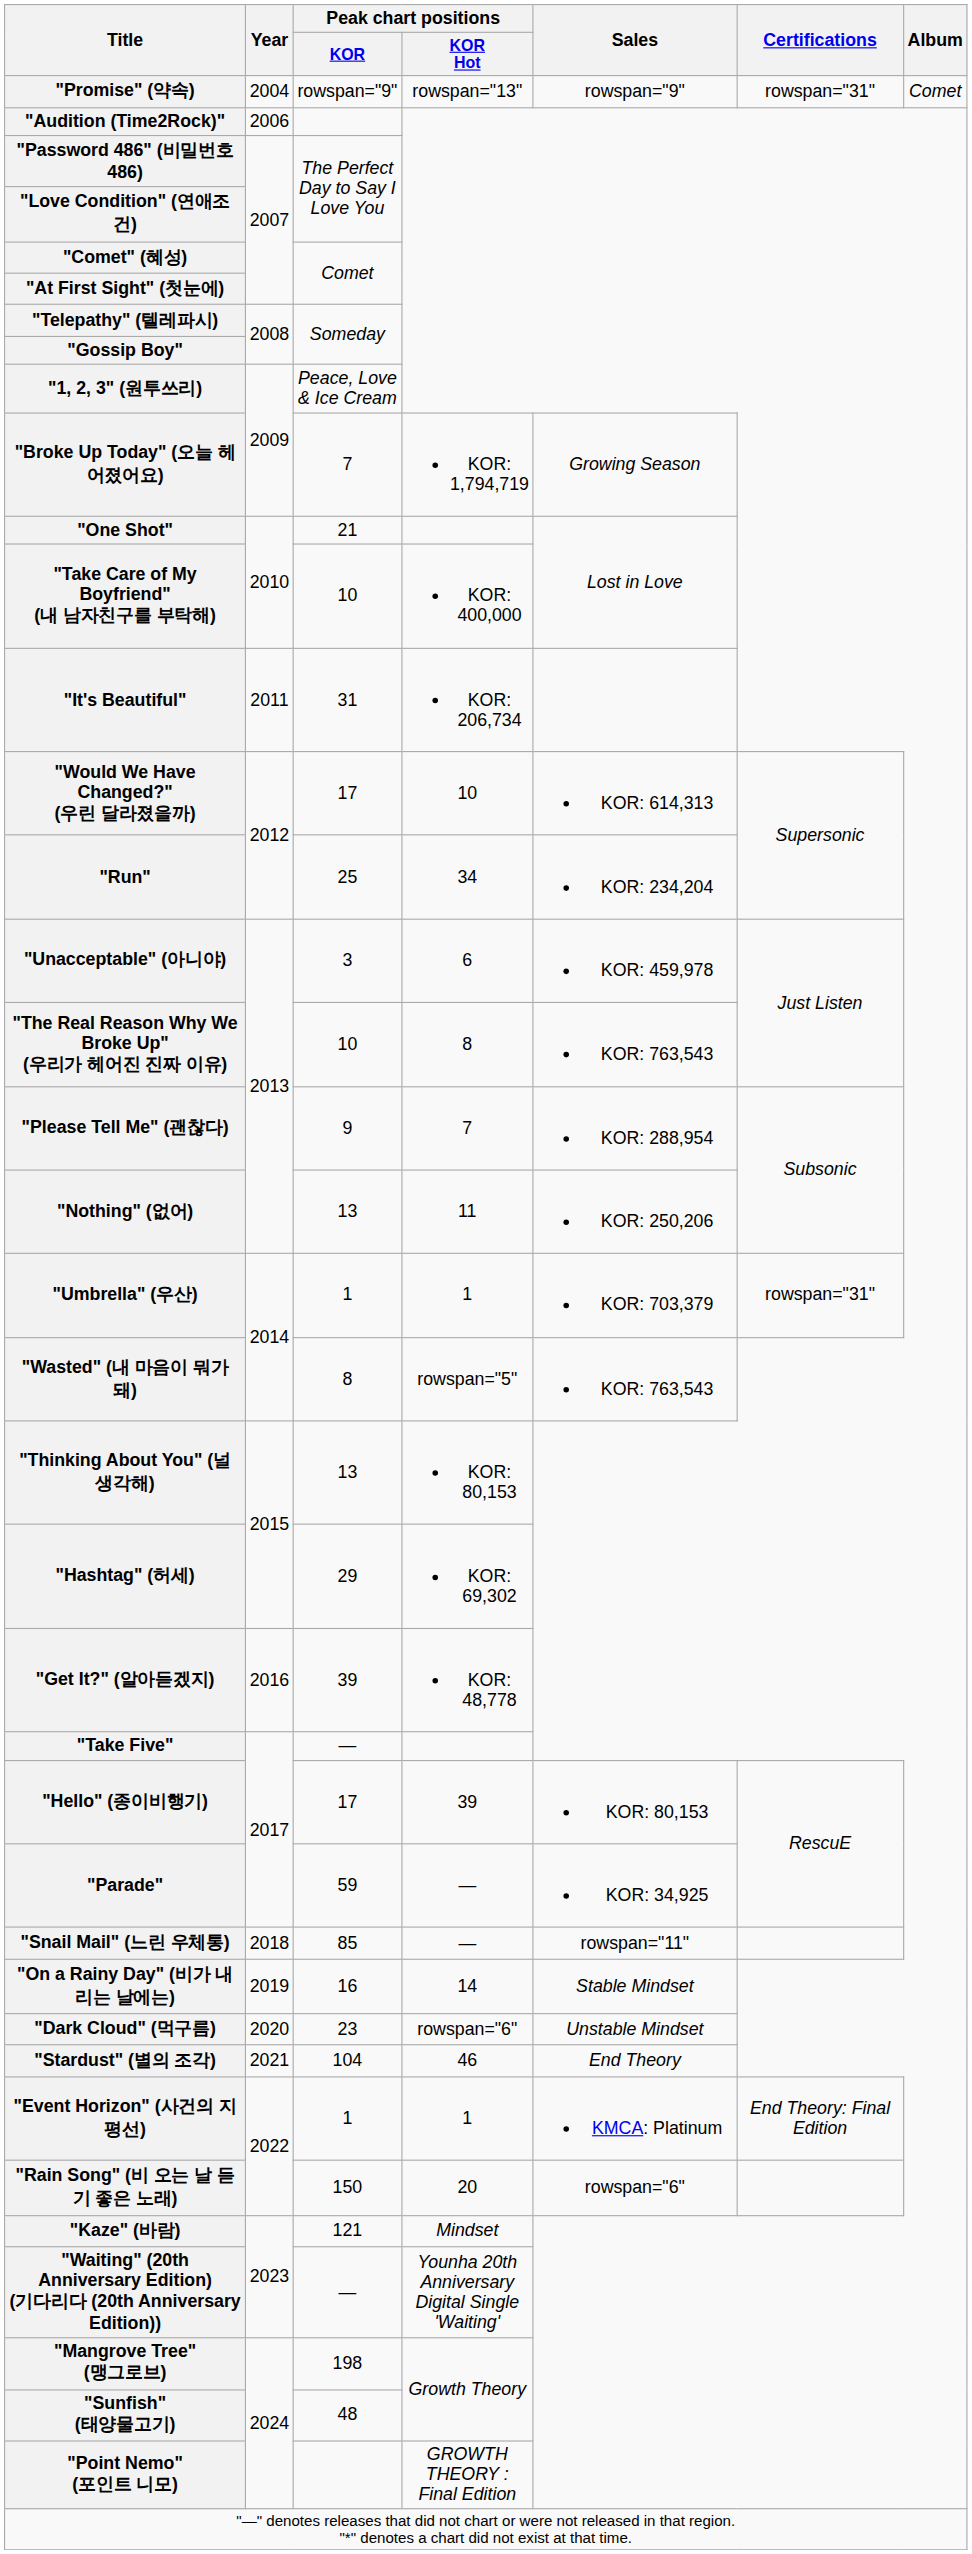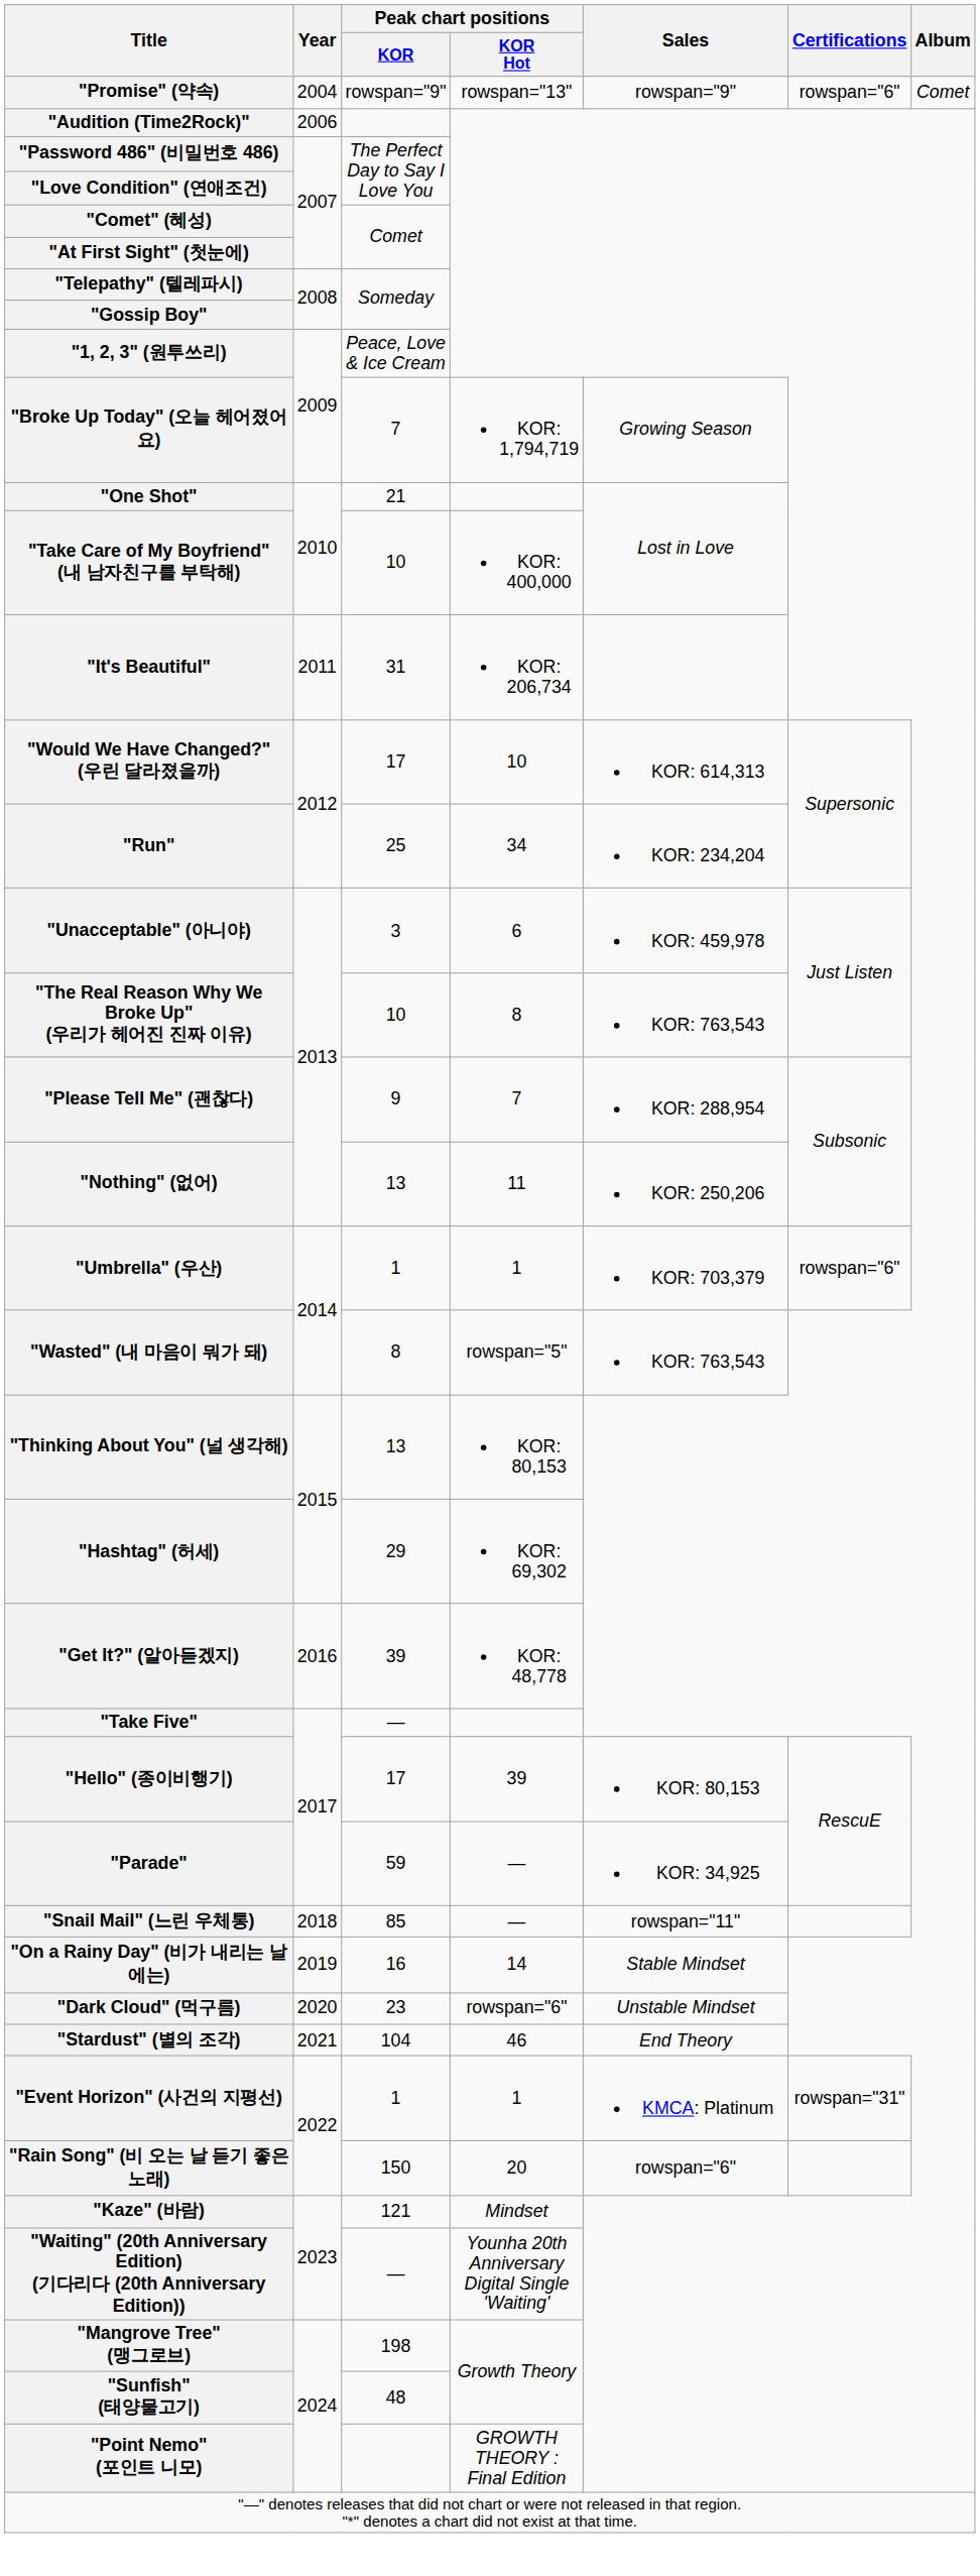 <table class="wikitable plainrowheaders" style="text-align:center;">
 <tr>
 <th scope="col" rowspan="2">Title</th>
 <th scope="col" rowspan="2">Year</th>
 <th scope="col" colspan="2">Peak chart positions</th>
 <th scope="col" rowspan="2" style="width:11em;">Sales</th>
 <th scope="col" rowspan="2"><a href='#'>Certifications</a><br></th>
 <th scope="col" rowspan="2">Album</th>
 </tr>
 <tr>
 <th scope="col" style="width:3em;font-size:90%;"><a href='#'>KOR</a><br></th>
 <th scope="col" style="width:3em;font-size:90%;"><a href='#'>KOR<br>Hot</a><br></th>
 </tr>
 <tr>
 <th scope="row">"Promise" (약속)</th>
 <td>2004</td>
 <td>rowspan="9" </td>
 <td>rowspan="13" </td>
 <td>rowspan="9" </td>
-<td>rowspan="31" </td>
+<td>rowspan="6" </td>
 <td><em>Comet</em></td>
 </tr>
 <tr>
 <th scope="row">"Audition (Time2Rock)"</th>
 <td>2006</td>
 <td></td>
 </tr>
 <tr>
 <th scope="row">"Password 486" (비밀번호 486)</th>
 <td rowspan="4">2007</td>
 <td rowspan="2"><em>The Perfect Day to Say I Love You</em></td>
 </tr>
 <tr>
 <th scope="row">"Love Condition" (연애조건)</th>
 </tr>
 <tr>
 <th scope="row">"Comet" (혜성)</th>
 <td rowspan="2"><em>Comet</em></td>
 </tr>
 <tr>
 <th scope="row">"At First Sight" (첫눈에)</th>
 </tr>
 <tr>
 <th scope="row">"Telepathy" (텔레파시)</th>
 <td rowspan="2">2008</td>
 <td rowspan="2"><em>Someday</em></td>
 </tr>
 <tr>
 <th scope="row">"Gossip Boy"</th>
 </tr>
 <tr>
 <th scope="row">"1, 2, 3" (원투쓰리)</th>
 <td rowspan="2">2009</td>
 <td><em>Peace, Love & Ice Cream</em></td>
 </tr>
 <tr>
 <th scope="row">"Broke Up Today" (오늘 헤어졌어요)</th>
 <td>7</td>
 <td><br><ul><li>KOR: 1,794,719</li></ul></td>
 <td><em>Growing Season</em></td>
 </tr>
 <tr>
 <th scope="row">"One Shot" </th>
 <td rowspan="2">2010</td>
 <td>21</td>
 <td></td>
 <td rowspan="2"><em>Lost in Love</em></td>
 </tr>
 <tr>
 <th scope="row">"Take Care of My Boyfriend" <br> (내 남자친구를 부탁해)</th>
 <td>10</td>
 <td><br><ul><li>KOR: 400,000</li></ul></td>
 </tr>
 <tr>
 <th scope="row">"It's Beautiful"</th>
 <td>2011</td>
 <td>31</td>
 <td><br><ul><li>KOR: 206,734</li></ul></td>
 <td></td>
 </tr>
 <tr>
 <th scope="row">"Would We Have Changed?" <br> (우린 달라졌을까) </th>
 <td rowspan="2">2012</td>
 <td>17</td>
 <td>10</td>
 <td><br><ul><li>KOR: 614,313</li></ul></td>
 <td rowspan="2"><em>Supersonic</em></td>
 </tr>
 <tr>
 <th scope="row">"Run"</th>
 <td>25</td>
 <td>34</td>
 <td><br><ul><li>KOR: 234,204</li></ul></td>
 </tr>
 <tr>
 <th scope="row">"Unacceptable" (아니야)</th>
 <td rowspan="4">2013</td>
 <td>3</td>
 <td>6</td>
 <td><br><ul><li>KOR: 459,978</li></ul></td>
 <td rowspan="2"><em>Just Listen</em></td>
 </tr>
 <tr>
 <th scope="row">"The Real Reason Why We Broke Up" <br> (우리가 헤어진 진짜 이유)</th>
 <td>10</td>
 <td>8</td>
 <td><br><ul><li>KOR: 763,543</li></ul></td>
 </tr>
 <tr>
 <th scope="row">"Please Tell Me" (괜찮다)</th>
 <td>9</td>
 <td>7</td>
 <td><br><ul><li>KOR: 288,954</li></ul></td>
 <td rowspan="2"><em>Subsonic</em></td>
 </tr>
 <tr>
 <th scope="row">"Nothing" (없어)</th>
 <td>13</td>
 <td>11</td>
 <td><br><ul><li>KOR: 250,206</li></ul></td>
 </tr>
 <tr>
 <th scope="row">"Umbrella" (우산)</th>
 <td rowspan="2">2014</td>
 <td>1</td>
 <td>1</td>
 <td><br><ul><li>KOR: 703,379</li></ul></td>
-<td>rowspan="31" </td>
+<td>rowspan="6" </td>
 </tr>
 <tr>
 <th scope="row">"Wasted" (내 마음이 뭐가 돼)</th>
 <td>8</td>
 <td>rowspan="5" </td>
 <td><br><ul><li>KOR: 763,543</li></ul></td>
 </tr>
 <tr>
 <th scope="row">"Thinking About You" (널 생각해) <br> </th>
 <td rowspan="2">2015</td>
 <td>13</td>
 <td><br><ul><li>KOR: 80,153</li></ul></td>
 </tr>
 <tr>
 <th scope="row">"Hashtag" (허세) </th>
 <td>29</td>
 <td><br><ul><li>KOR: 69,302</li></ul></td>
 </tr>
 <tr>
 <th scope="row">"Get It?" (알아듣겠지) </th>
 <td>2016</td>
 <td>39</td>
 <td><br><ul><li>KOR: 48,778</li></ul></td>
 </tr>
 <tr>
 <th scope="row">"Take Five"</th>
 <td rowspan="3">2017</td>
 <td>—</td>
 <td></td>
 </tr>
 <tr>
 <th scope="row">"Hello" (종이비행기) </th>
 <td>17</td>
 <td>39</td>
 <td><br><ul><li>KOR: 80,153</li></ul></td>
 <td rowspan="2"><em>RescuE</em></td>
 </tr>
 <tr>
 <th scope="row">"Parade"</th>
 <td>59</td>
 <td>—</td>
 <td><br><ul><li>KOR: 34,925</li></ul></td>
 </tr>
 <tr>
 <th scope="row">"Snail Mail" (느린 우체통)</th>
 <td>2018</td>
 <td>85</td>
 <td>—</td>
 <td>rowspan="11" </td>
 <td></td>
 </tr>
 <tr>
 <th scope="row">"On a Rainy Day" (비가 내리는 날에는)</th>
 <td>2019</td>
 <td>16</td>
 <td>14</td>
 <td><em>Stable Mindset</em></td>
 </tr>
 <tr>
 <th scope="row">"Dark Cloud" (먹구름)</th>
 <td>2020</td>
 <td>23</td>
 <td>rowspan="6" </td>
 <td><em>Unstable Mindset</em></td>
 </tr>
 <tr>
 <th scope="row">"Stardust" (별의 조각)</th>
 <td>2021</td>
 <td>104</td>
 <td>46</td>
 <td><em>End Theory</em></td>
 </tr>
 <tr>
 <th scope="row">"Event Horizon" (사건의 지평선)</th>
 <td rowspan="2">2022</td>
 <td>1</td>
 <td>1</td>
 <td><br><ul><li><a href='#'>KMCA</a>: Platinum</li></ul></td>
-<td><em>End Theory: Final Edition</em></td>
+<td>rowspan="31" </td>
 </tr>
 <tr>
 <th scope="row">"Rain Song" (비 오는 날 듣기 좋은 노래)</th>
 <td>150</td>
 <td>20</td>
 <td>rowspan="6" </td>
 <td></td>
 </tr>
 <tr>
 <th scope="row">"Kaze" (바람)</th>
 <td rowspan="2">2023</td>
 <td>121</td>
 <td><em>Mindset</em></td>
 </tr>
 <tr>
 <th scope="row">"Waiting" (20th Anniversary Edition)<br>(기다리다 (20th Anniversary Edition))</th>
 <td>—</td>
 <td><em>Younha 20th Anniversary Digital Single 'Waiting' </em></td>
 </tr>
 <tr>
 <th scope="row">"Mangrove Tree"<br>(맹그로브)</th>
 <td rowspan="3">2024</td>
 <td>198</td>
 <td rowspan="2"><em>Growth Theory</em></td>
 </tr>
 <tr>
 <th scope="row">"Sunfish"<br>(태양물고기)</th>
 <td>48</td>
 </tr>
 <tr>
 <th scope="row">"Point Nemo"<br>(포인트 니모)</th>
 <td></td>
 <td><em>GROWTH THEORY : Final Edition</em></td>
 </tr>
 <tr>
 <td colspan="7" style="font-size:85%;">"—" denotes releases that did not chart or were not released in that region.<br>"*" denotes a chart did not exist at that time.</td>
 </tr>
 </table>
